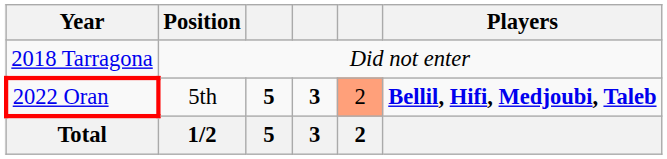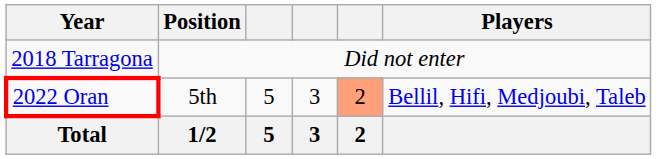 <table class="wikitable" style="text-align: center;">
 <tr>
 <th>Year</th>
 <th>Position</th>
 <th width=25px></th>
 <th width=25px></th>
 <th width=25px></th>
 <th>Players</th>
 </tr>
 <tr>
 <td style="text-align: left;"> <a href='#'>2018 Tarragona</a></td>
 <td colspan=5><em>Did not enter</em></td>
 </tr>
 <tr>
 <td style="text-align: left; border: 3px solid red"> <a href='#'>2022 Oran</a></td>
 <td>5th</td>
-<td><strong>5</strong></td>
-<td><strong>3</strong></td>
+<td>5</td>
+<td>3</td>
 <td style="background: lightsalmon;">2</td>
-<td><strong><a href='#'>Bellil</a>, <a href='#'>Hifi</a>, <a href='#'>Medjoubi</a>, <a href='#'>Taleb</a></strong></td>
+<td><a href='#'>Bellil</a>, <a href='#'>Hifi</a>, <a href='#'>Medjoubi</a>, <a href='#'>Taleb</a></td>
 </tr>
 <tr>
 <th>Total</th>
 <th>1/2</th>
 <th>5</th>
 <th>3</th>
 <th>2</th>
 <th></th>
 </tr>
 </table>
